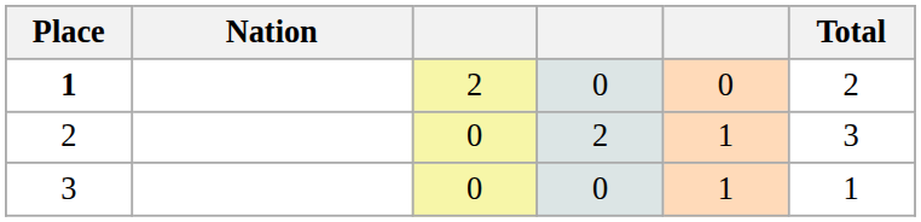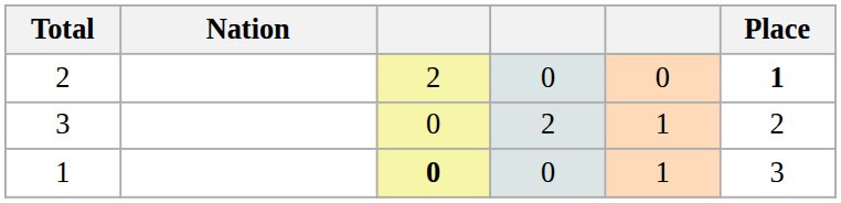 <table class=wikitable style="border:1px solid #AAAAAA;font-size:90%">
 <tr bgcolor="#EFEFEF">
-<th width=50>Place</th>
+<th width=50>Total</th>
 <th width=120>Nation</th>
 <th width=50></th>
 <th width=50></th>
 <th width=50></th>
-<th width=50>Total</th>
+<th width=50>Place</th>
 </tr>
 <tr align="center" valign="top" bgcolor="#FFFFFF">
-<td><strong>1</strong></td>
+<td>2</td>
 <td align="left"><strong></strong></td>
 <td style="background:#F7F6A8;">2</td>
 <td style="background:#DCE5E5;">0</td>
 <td style="background:#FFDAB9;">0</td>
-<td>2</td>
-</tr>
-<tr align="center" valign="top" bgcolor="#FFFFFF">
-<td>2</td>
-<td align="left"></td>
-<td style="background:#F7F6A8;">0</td>
-<td style="background:#DCE5E5;">2</td>
-<td style="background:#FFDAB9;">1</td>
-<td>3</td>
+<td><strong>1</strong></td>
 </tr>
 <tr align="center" valign="top" bgcolor="#FFFFFF">
 <td>3</td>
 <td align="left"></td>
 <td style="background:#F7F6A8;">0</td>
+<td style="background:#DCE5E5;">2</td>
+<td style="background:#FFDAB9;">1</td>
+<td>2</td>
+</tr>
+<tr align="center" valign="top" bgcolor="#FFFFFF">
+<td>1</td>
+<td align="left"></td>
+<td style="background:#F7F6A8;"><strong>0</strong></td>
 <td style="background:#DCE5E5;">0</td>
 <td style="background:#FFDAB9;">1</td>
-<td>1</td>
+<td>3</td>
 </tr>
 </table>
